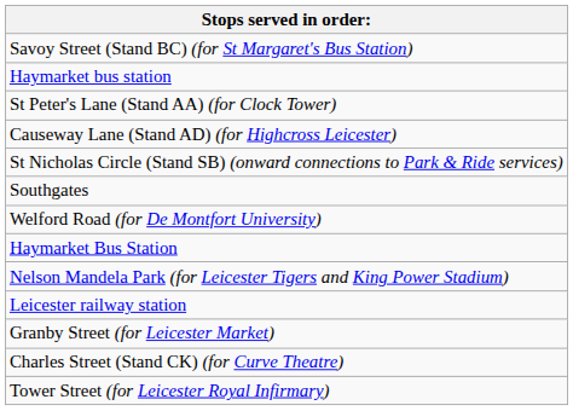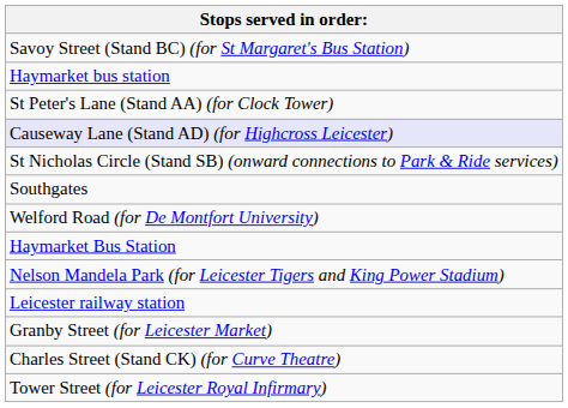 <table class="wikitable un-sortable">
 <tr>
 <th>Stops served in order:</th>
 </tr>
 <tr>
 <td>Savoy Street (Stand BC) <em>(for <a href='#'>St Margaret's Bus Station</a>)</em></td>
 </tr>
 <tr>
 <td><a href='#'>Haymarket bus station</a> </td>
 </tr>
 <tr>
 <td>St Peter's Lane (Stand AA) <em>(for Clock Tower)</em></td>
 </tr>
 <tr>
-<td>Causeway Lane (Stand AD) <em>(for <a href='#'>Highcross Leicester</a>)</em></td>
+<td style="background: lavender;">Causeway Lane (Stand AD) <em>(for <a href='#'>Highcross Leicester</a>)</em></td>
 </tr>
 <tr>
 <td>St Nicholas Circle (Stand SB) <em>(onward connections to <a href='#'>Park & Ride</a> services)</em></td>
 </tr>
 <tr>
 <td>Southgates</td>
 </tr>
 <tr>
 <td>Welford Road <em>(for <a href='#'>De Montfort University</a>)</em></td>
 </tr>
 <tr>
 <td><a href='#'>Haymarket Bus Station</a></td>
 </tr>
 <tr>
 <td><a href='#'>Nelson Mandela Park</a> <em>(for <a href='#'>Leicester Tigers</a> and <a href='#'>King Power Stadium</a>)</em></td>
 </tr>
 <tr>
 <td><a href='#'>Leicester railway station</a> </td>
 </tr>
 <tr>
 <td>Granby Street <em>(for <a href='#'>Leicester Market</a>)</em></td>
 </tr>
 <tr>
 <td>Charles Street (Stand CK) <em>(for <a href='#'>Curve Theatre</a>)</em></td>
 </tr>
 <tr>
 <td>Tower Street <em>(for <a href='#'>Leicester Royal Infirmary</a>)</em></td>
 </tr>
 </table>
